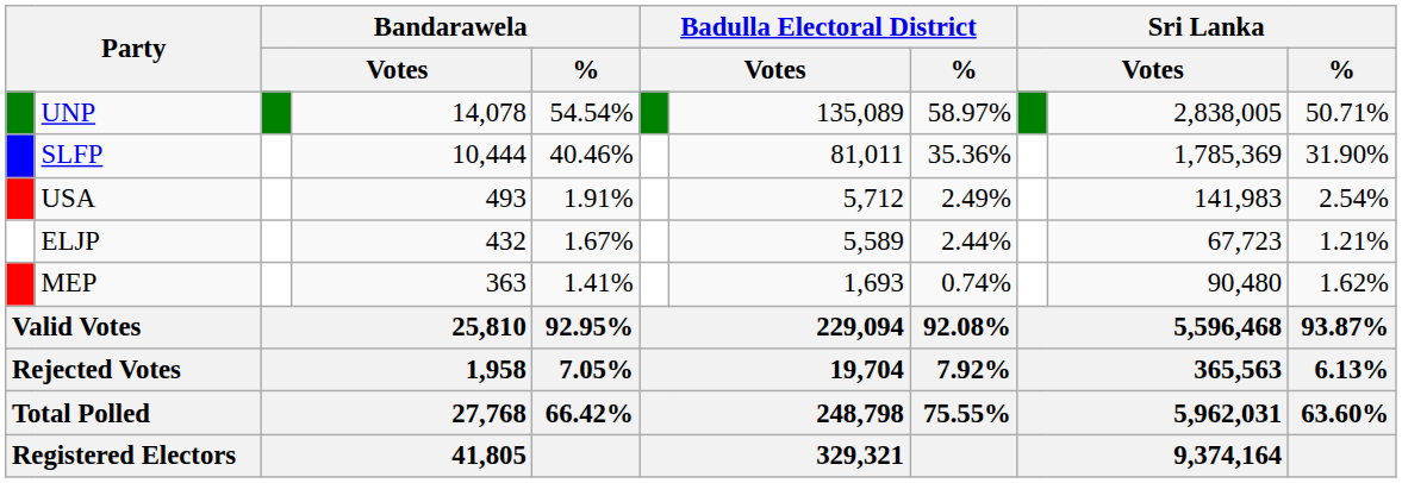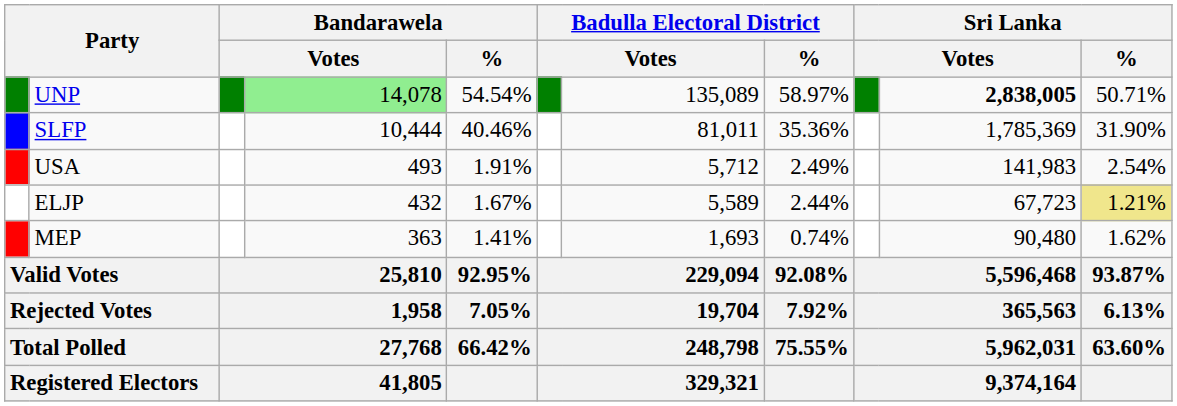 <table class="wikitable">
 <tr>
 <th colspan="2" width="144px"rowspan="2">Party</th>
 <th colspan="3" width="216px">Bandarawela</th>
 <th colspan="3" width="216px"><a href='#'>Badulla Electoral District</a></th>
 <th colspan="3" width="216px">Sri Lanka</th>
 </tr>
 <tr>
 <th colspan="2" width="144px">Votes</th>
 <th>%</th>
 <th colspan="2" width="144px">Votes</th>
 <th>%</th>
 <th colspan="2" width="144px">Votes</th>
 <th>%</th>
 </tr>
 <tr>
 <td style="background-color:green;" width="10px"></td>
 <td style="text-align:left;"><a href='#'>UNP</a></td>
 <td style="background-color:green;" width="10px"></td>
-<td style="text-align:right;">14,078</td>
+<td style="background: lightgreen; text-align:right;">14,078</td>
 <td style="text-align:right;">54.54%</td>
 <td style="background-color:green;" width="10px"></td>
 <td style="text-align:right;">135,089</td>
 <td style="text-align:right;">58.97%</td>
 <td style="background-color:green;" width="10px"></td>
-<td style="text-align:right;">2,838,005</td>
+<td style="text-align:right;"><strong>2,838,005</strong></td>
 <td style="text-align:right;">50.71%</td>
 </tr>
 <tr>
 <td style="background-color:blue;" width="10px"></td>
 <td style="text-align:left;"><a href='#'>SLFP</a></td>
 <td style="background-color:white;" width="10px"></td>
 <td style="text-align:right;">10,444</td>
 <td style="text-align:right;">40.46%</td>
 <td style="background-color:white;" width="10px"></td>
 <td style="text-align:right;">81,011</td>
 <td style="text-align:right;">35.36%</td>
 <td style="background-color:white;" width="10px"></td>
 <td style="text-align:right;">1,785,369</td>
 <td style="text-align:right;">31.90%</td>
 </tr>
 <tr>
 <td style="background-color:red;" width="10px"></td>
 <td style="text-align:left;">USA</td>
 <td style="background-color:white;" width="10px"></td>
 <td style="text-align:right;">493</td>
 <td style="text-align:right;">1.91%</td>
 <td style="background-color:white;" width="10px"></td>
 <td style="text-align:right;">5,712</td>
 <td style="text-align:right;">2.49%</td>
 <td style="background-color:white;" width="10px"></td>
 <td style="text-align:right;">141,983</td>
 <td style="text-align:right;">2.54%</td>
 </tr>
 <tr>
 <td style="background-color:white;" width="10px"></td>
 <td style="text-align:left;">ELJP</td>
 <td style="background-color:white;" width="10px"></td>
 <td style="text-align:right;">432</td>
 <td style="text-align:right;">1.67%</td>
 <td style="background-color:white;" width="10px"></td>
 <td style="text-align:right;">5,589</td>
 <td style="text-align:right;">2.44%</td>
 <td style="background-color:white;" width="10px"></td>
 <td style="text-align:right;">67,723</td>
-<td style="text-align:right;">1.21%</td>
+<td style="background: khaki; text-align:right;">1.21%</td>
 </tr>
 <tr>
 <td style="background-color:red;" width="10px"></td>
 <td style="text-align:left;">MEP</td>
 <td style="background-color:white;" width="10px"></td>
 <td style="text-align:right;">363</td>
 <td style="text-align:right;">1.41%</td>
 <td style="background-color:white;" width="10px"></td>
 <td style="text-align:right;">1,693</td>
 <td style="text-align:right;">0.74%</td>
 <td style="background-color:white;" width="10px"></td>
 <td style="text-align:right;">90,480</td>
 <td style="text-align:right;">1.62%</td>
 </tr>
 <tr>
 <th colspan="2" width="144px"style="text-align:left;">Valid Votes</th>
 <th style="text-align:right;"colspan="2" width="144px">25,810</th>
 <th style="text-align:right;">92.95%</th>
 <th style="text-align:right;"colspan="2" width="144px">229,094</th>
 <th style="text-align:right;">92.08%</th>
 <th style="text-align:right;"colspan="2" width="144px">5,596,468</th>
 <th style="text-align:right;">93.87%</th>
 </tr>
 <tr>
 <th colspan="2" width="144px"style="text-align:left;">Rejected Votes</th>
 <th style="text-align:right;"colspan="2" width="144px">1,958</th>
 <th style="text-align:right;">7.05%</th>
 <th style="text-align:right;"colspan="2" width="144px">19,704</th>
 <th style="text-align:right;">7.92%</th>
 <th style="text-align:right;"colspan="2" width="144px">365,563</th>
 <th style="text-align:right;">6.13%</th>
 </tr>
 <tr>
 <th colspan="2" width="144px"style="text-align:left;">Total Polled</th>
 <th style="text-align:right;"colspan="2" width="144px">27,768</th>
 <th style="text-align:right;">66.42%</th>
 <th style="text-align:right;"colspan="2" width="144px">248,798</th>
 <th style="text-align:right;">75.55%</th>
 <th style="text-align:right;"colspan="2" width="144px">5,962,031</th>
 <th style="text-align:right;">63.60%</th>
 </tr>
 <tr>
 <th colspan="2" width="144px"style="text-align:left;">Registered Electors</th>
 <th style="text-align:right;"colspan="2" width="144px">41,805</th>
 <th></th>
 <th style="text-align:right;"colspan="2" width="144px">329,321</th>
 <th></th>
 <th style="text-align:right;"colspan="2" width="144px">9,374,164</th>
 <th></th>
 </tr>
 </table>
